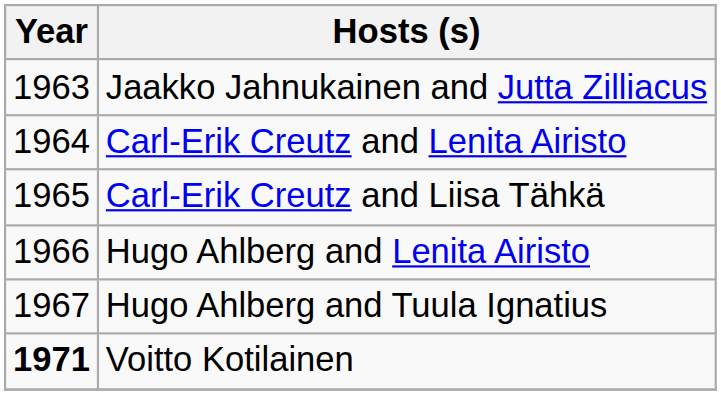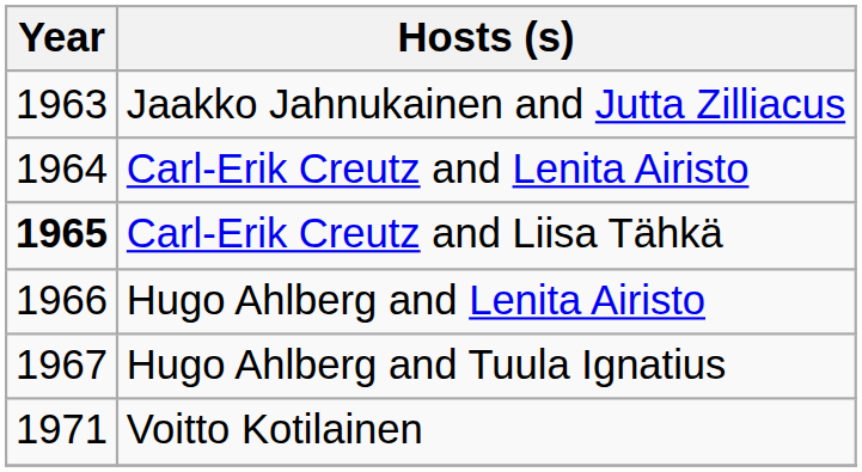 <table class="wikitable">
 <tr>
 <th>Year</th>
 <th>Hosts (s)</th>
 </tr>
 <tr>
 <td>1963</td>
 <td>Jaakko Jahnukainen and <a href='#'>Jutta Zilliacus</a></td>
 </tr>
 <tr>
 <td>1964</td>
 <td><a href='#'>Carl-Erik Creutz</a> and <a href='#'>Lenita Airisto</a></td>
 </tr>
 <tr>
-<td>1965</td>
+<td><strong>1965</strong></td>
 <td><a href='#'>Carl-Erik Creutz</a> and Liisa Tähkä</td>
 </tr>
 <tr>
 <td>1966</td>
 <td>Hugo Ahlberg and <a href='#'>Lenita Airisto</a></td>
 </tr>
 <tr>
 <td>1967</td>
 <td>Hugo Ahlberg and Tuula Ignatius</td>
 </tr>
 <tr>
-<td><strong>1971</strong></td>
+<td>1971</td>
 <td>Voitto Kotilainen</td>
 </tr>
 <tr>
 </tr>
 </table>
